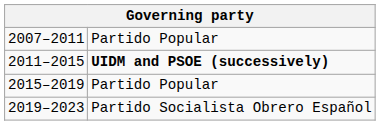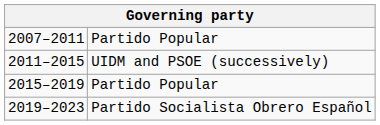 <table class="wikitable">
 <tr>
 <th colspan=2>Governing party</th>
 </tr>
 <tr>
 <td>2007–2011</td>
 <td>Partido Popular</td>
 </tr>
 <tr>
 <td>2011–2015</td>
-<td><strong>UIDM and PSOE (successively)</strong></td>
+<td>UIDM and PSOE (successively)</td>
 </tr>
 <tr>
 <td>2015–2019</td>
 <td>Partido Popular</td>
 </tr>
 <tr>
 <td>2019–2023</td>
 <td>Partido Socialista Obrero Español</td>
 </tr>
 </table>
